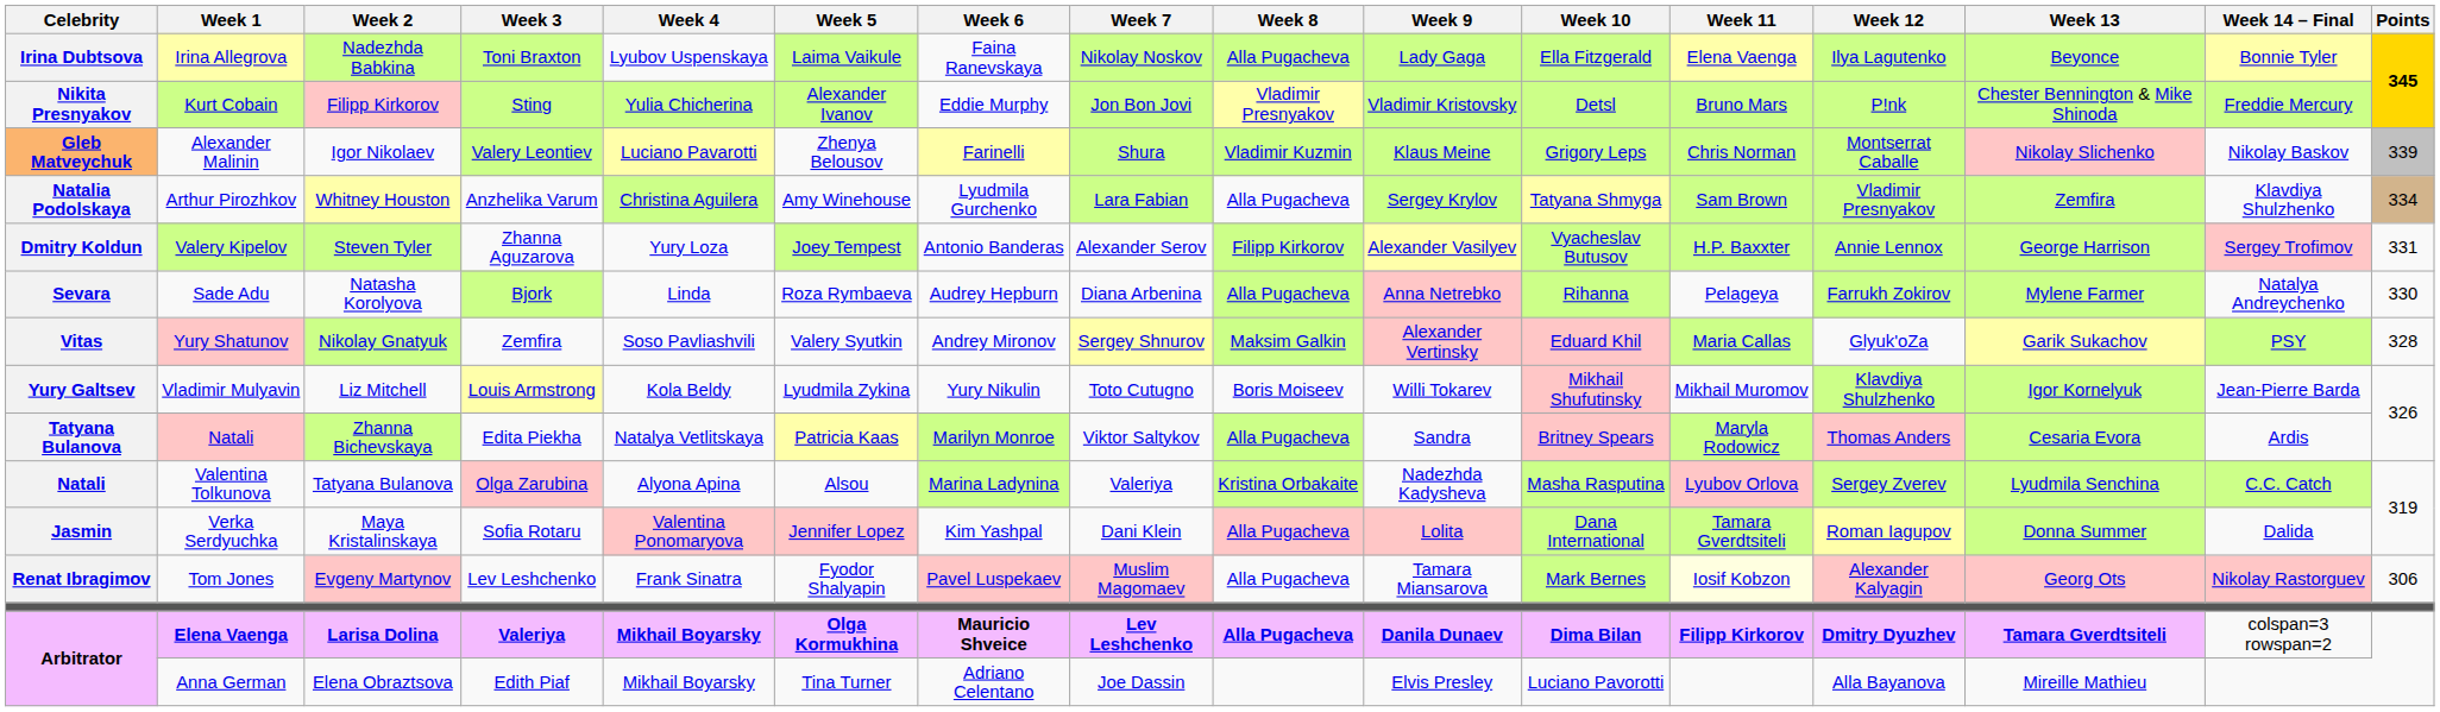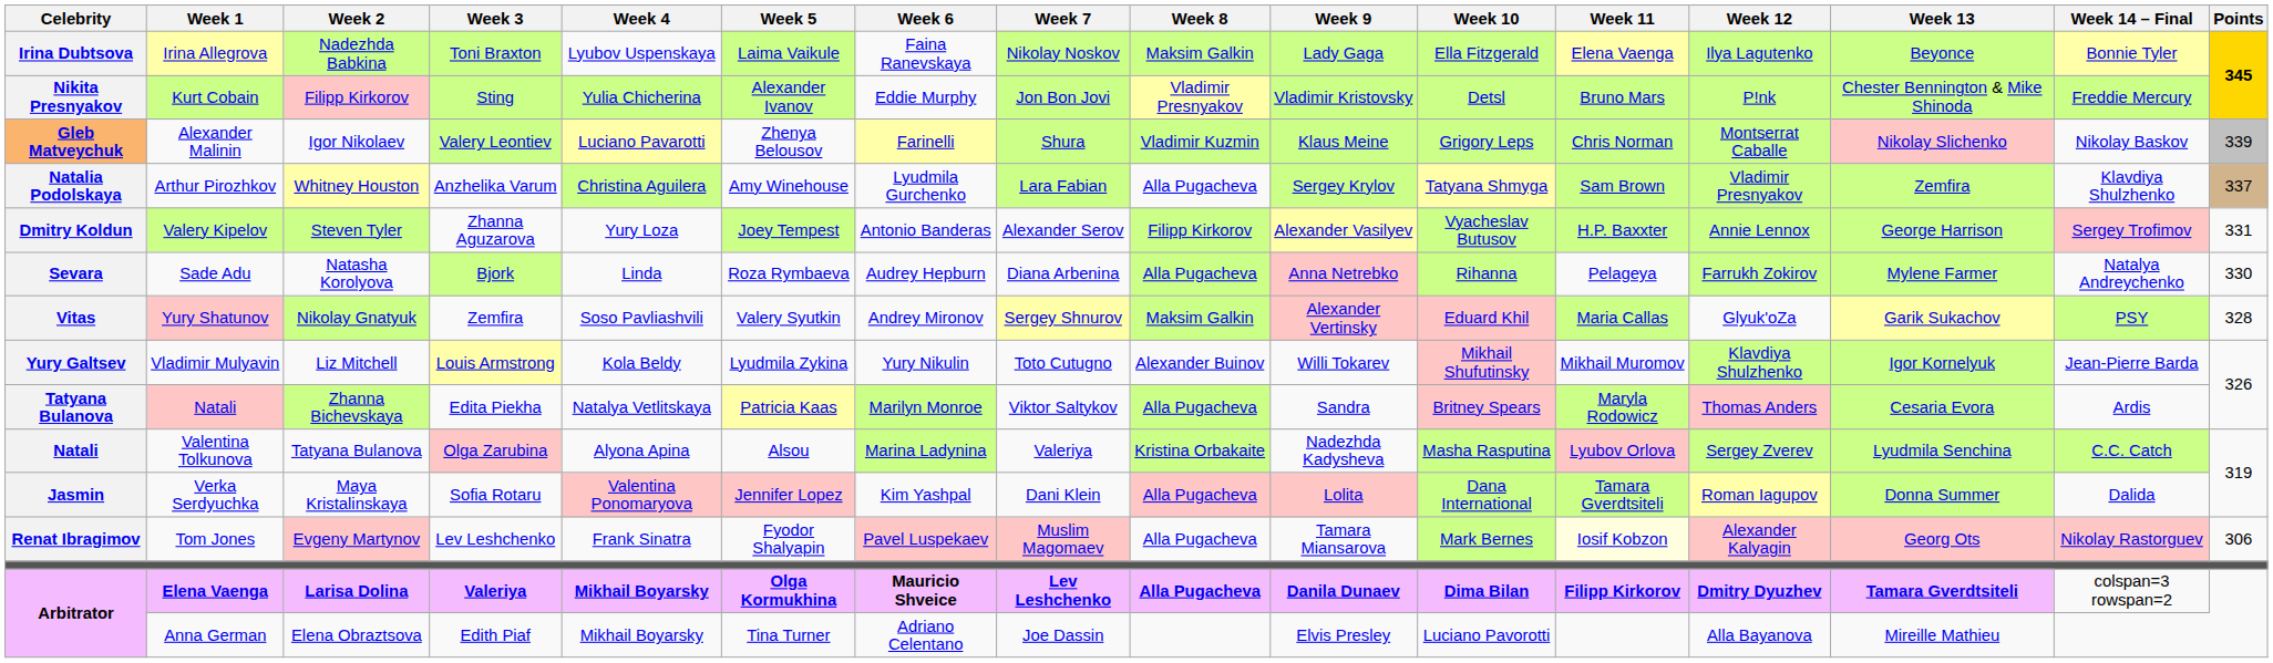 <table class="wikitable" style="text-align:center; font-size:90%; line-height:16px;" width="100%">
 <tr>
 <th>Celebrity</th>
 <th>Week 1</th>
 <th>Week 2</th>
 <th>Week 3</th>
 <th>Week 4</th>
 <th>Week 5</th>
 <th>Week 6</th>
 <th>Week 7</th>
 <th>Week 8</th>
 <th>Week 9</th>
 <th>Week 10</th>
 <th>Week 11</th>
 <th>Week 12</th>
 <th>Week 13</th>
 <th>Week 14 – Final</th>
 <th>Points</th>
 </tr>
 <tr>
 <th><a href='#'>Irina Dubtsova</a></th>
 <td style="background:#ffffaa;"><a href='#'>Irina Allegrova</a></td>
 <td style="background:#ccff88;"><a href='#'>Nadezhda Babkina</a></td>
 <td style="background:#ccff88;"><a href='#'>Toni Braxton</a></td>
 <td><a href='#'>Lyubov Uspenskaya</a></td>
 <td style="background:#ccff88;"><a href='#'>Laima Vaikule</a></td>
 <td><a href='#'>Faina Ranevskaya</a></td>
 <td style="background:#ccff88;"><a href='#'>Nikolay Noskov</a></td>
-<td style="background:#ccff88;"><a href='#'>Alla Pugacheva</a></td>
+<td style="background:#ccff88;"><a href='#'>Maksim Galkin</a></td>
 <td style="background:#ccff88;"><a href='#'>Lady Gaga</a></td>
 <td style="background:#ccff88;"><a href='#'>Ella Fitzgerald</a></td>
 <td style="background:#ffffaa;"><a href='#'>Elena Vaenga</a></td>
 <td style="background:#ccff88;"><a href='#'>Ilya Lagutenko</a></td>
 <td style="background:#ccff88;"><a href='#'>Beyonce</a></td>
 <td style="background:#ffffaa;"><a href='#'>Bonnie Tyler</a></td>
 <td rowspan=2 style="background:gold;"><strong>345</strong></td>
 </tr>
 <tr>
 <th><a href='#'>Nikita Presnyakov</a></th>
 <td style="background:#ccff88;"><a href='#'>Kurt Cobain</a></td>
 <td style="background:#ffc6c6;"><a href='#'>Filipp Kirkorov</a></td>
 <td style="background:#ccff88;"><a href='#'>Sting</a></td>
 <td style="background:#ccff88;"><a href='#'>Yulia Chicherina</a></td>
 <td style="background:#ccff88;"><a href='#'>Alexander Ivanov</a></td>
 <td><a href='#'>Eddie Murphy</a></td>
 <td style="background:#ccff88;"><a href='#'>Jon Bon Jovi</a></td>
 <td style="background:#ffffaa;"><a href='#'>Vladimir Presnyakov</a></td>
 <td style="background:#ccff88;"><a href='#'>Vladimir Kristovsky</a></td>
 <td style="background:#ccff88;"><a href='#'>Detsl</a></td>
 <td style="background:#ccff88;"><a href='#'>Bruno Mars</a></td>
 <td style="background:#ccff88;"><a href='#'>P!nk</a></td>
 <td style="background:#ccff88;"><a href='#'>Chester Bennington</a> & <a href='#'>Mike Shinoda</a></td>
 <td style="background:#ccff88;"><a href='#'>Freddie Mercury</a></td>
 </tr>
 <tr>
 <th style="background:#fbb46e;"><a href='#'>Gleb Matveychuk</a></th>
 <td><a href='#'>Alexander Malinin</a></td>
 <td><a href='#'>Igor Nikolaev</a></td>
 <td style="background:#ccff88;"><a href='#'>Valery Leontiev</a></td>
 <td style="background:#ffffaa;"><a href='#'>Luciano Pavarotti</a></td>
 <td><a href='#'>Zhenya Belousov</a></td>
 <td style="background:#ffffaa;"><a href='#'>Farinelli</a></td>
 <td style="background:#ccff88;"><a href='#'>Shura</a></td>
 <td style="background:#ccff88;"><a href='#'>Vladimir Kuzmin</a></td>
 <td style="background:#ccff88;"><a href='#'>Klaus Meine</a></td>
 <td style="background:#ccff88;"><a href='#'>Grigory Leps</a></td>
 <td style="background:#ccff88;"><a href='#'>Chris Norman</a></td>
 <td style="background:#ccff88;"><a href='#'>Montserrat Caballe</a></td>
 <td style="background:#ffc6c6;"><a href='#'>Nikolay Slichenko</a></td>
 <td><a href='#'>Nikolay Baskov</a></td>
 <td style="background:silver;">339</td>
 </tr>
 <tr>
 <th><a href='#'>Natalia Podolskaya</a></th>
 <td><a href='#'>Arthur Pirozhkov</a></td>
 <td style="background:#ffffaa;"><a href='#'>Whitney Houston</a></td>
 <td><a href='#'>Anzhelika Varum</a></td>
 <td style="background:#ccff88;"><a href='#'>Christina Aguilera</a></td>
 <td><a href='#'>Amy Winehouse</a></td>
 <td><a href='#'>Lyudmila Gurchenko</a></td>
 <td style="background:#ccff88;"><a href='#'>Lara Fabian</a></td>
 <td><a href='#'>Alla Pugacheva</a></td>
 <td style="background:#ccff88;"><a href='#'>Sergey Krylov</a></td>
 <td style="background:#ffffaa;"><a href='#'>Tatyana Shmyga</a></td>
 <td style="background:#ccff88;"><a href='#'>Sam Brown</a></td>
 <td style="background:#ccff88;"><a href='#'>Vladimir Presnyakov</a></td>
 <td style="background:#ccff88;"><a href='#'>Zemfira</a></td>
 <td><a href='#'>Klavdiya Shulzhenko</a></td>
-<td style="background:tan;">334</td>
+<td style="background:tan;">337</td>
 </tr>
 <tr>
 <th><a href='#'>Dmitry Koldun</a></th>
 <td style="background:#ccff88;"><a href='#'>Valery Kipelov</a></td>
 <td style="background:#ccff88;"><a href='#'>Steven Tyler</a></td>
 <td><a href='#'>Zhanna Aguzarova</a></td>
 <td><a href='#'>Yury Loza</a></td>
 <td style="background:#ccff88;"><a href='#'>Joey Tempest</a></td>
 <td><a href='#'>Antonio Banderas</a></td>
 <td><a href='#'>Alexander Serov</a></td>
 <td style="background:#ccff88;"><a href='#'>Filipp Kirkorov</a></td>
 <td style="background:#ffffaa;"><a href='#'>Alexander Vasilyev</a></td>
 <td style="background:#ccff88;"><a href='#'>Vyacheslav Butusov</a></td>
 <td style="background:#ccff88;"><a href='#'>H.P. Baxxter</a></td>
 <td style="background:#ccff88;"><a href='#'>Annie Lennox</a></td>
 <td style="background:#ccff88;"><a href='#'>George Harrison</a></td>
 <td style="background:#ffc6c6;"><a href='#'>Sergey Trofimov</a></td>
 <td>331</td>
 </tr>
 <tr>
 <th><a href='#'>Sevara</a></th>
 <td><a href='#'>Sade Adu</a></td>
 <td><a href='#'>Natasha Korolyova</a></td>
 <td style="background:#ccff88;"><a href='#'>Bjork</a></td>
 <td><a href='#'>Linda</a></td>
 <td><a href='#'>Roza Rymbaeva</a></td>
 <td><a href='#'>Audrey Hepburn</a></td>
 <td><a href='#'>Diana Arbenina</a></td>
 <td style="background:#ccff88;"><a href='#'>Alla Pugacheva</a></td>
 <td style="background:#ffc6c6;"><a href='#'>Anna Netrebko</a></td>
 <td style="background:#ccff88;"><a href='#'>Rihanna</a></td>
 <td><a href='#'>Pelageya</a></td>
 <td style="background:#ccff88;"><a href='#'>Farrukh Zokirov</a></td>
 <td style="background:#ccff88;"><a href='#'>Mylene Farmer</a></td>
 <td><a href='#'>Natalya Andreychenko</a></td>
 <td>330</td>
 </tr>
 <tr>
 <th><a href='#'>Vitas</a></th>
 <td style="background:#ffc6c6;"><a href='#'>Yury Shatunov</a></td>
 <td style="background:#ccff88;"><a href='#'>Nikolay Gnatyuk</a></td>
 <td><a href='#'>Zemfira</a></td>
 <td><a href='#'>Soso Pavliashvili</a></td>
 <td><a href='#'>Valery Syutkin</a></td>
 <td><a href='#'>Andrey Mironov</a></td>
 <td style="background:#ffffaa;"><a href='#'>Sergey Shnurov</a></td>
 <td style="background:#ccff88;"><a href='#'>Maksim Galkin</a></td>
 <td style="background:#ffc6c6;"><a href='#'>Alexander Vertinsky</a></td>
 <td style="background:#ffc6c6;"><a href='#'>Eduard Khil</a></td>
 <td style="background:#ccff88;"><a href='#'>Maria Callas</a></td>
 <td><a href='#'>Glyuk'oZa</a></td>
 <td style="background:#ffffaa;"><a href='#'>Garik Sukachov</a></td>
 <td style="background:#ccff88;"><a href='#'>PSY</a></td>
 <td>328</td>
 </tr>
 <tr>
 <th><a href='#'>Yury Galtsev</a></th>
 <td><a href='#'>Vladimir Mulyavin</a></td>
 <td><a href='#'>Liz Mitchell</a></td>
 <td style="background:#ffffaa;"><a href='#'>Louis Armstrong</a></td>
 <td><a href='#'>Kola Beldy</a></td>
 <td><a href='#'>Lyudmila Zykina</a></td>
 <td><a href='#'>Yury Nikulin</a></td>
 <td><a href='#'>Toto Cutugno</a></td>
-<td><a href='#'>Boris Moiseev</a></td>
+<td><a href='#'>Alexander Buinov</a></td>
 <td><a href='#'>Willi Tokarev</a></td>
 <td style="background:#ffc6c6;"><a href='#'>Mikhail Shufutinsky</a></td>
 <td><a href='#'>Mikhail Muromov</a></td>
 <td style="background:#ccff88;"><a href='#'>Klavdiya Shulzhenko</a></td>
 <td style="background:#ccff88;"><a href='#'>Igor Kornelyuk</a></td>
 <td><a href='#'>Jean-Pierre Barda</a></td>
 <td rowspan=2>326</td>
 </tr>
 <tr>
 <th><a href='#'>Tatyana Bulanova</a></th>
 <td style="background:#ffc6c6;"><a href='#'>Natali</a></td>
 <td style="background:#ccff88;"><a href='#'>Zhanna Bichevskaya</a></td>
 <td><a href='#'>Edita Piekha</a></td>
 <td><a href='#'>Natalya Vetlitskaya</a></td>
 <td style="background:#ffffaa;"><a href='#'>Patricia Kaas</a></td>
 <td style="background:#ccff88;"><a href='#'>Marilyn Monroe</a></td>
 <td><a href='#'>Viktor Saltykov</a></td>
 <td style="background:#ccff88;"><a href='#'>Alla Pugacheva</a></td>
 <td><a href='#'>Sandra</a></td>
 <td style="background:#ffc6c6;"><a href='#'>Britney Spears</a></td>
 <td style="background:#ccff88;"><a href='#'>Maryla Rodowicz</a></td>
 <td style="background:#ffc6c6;"><a href='#'>Thomas Anders</a></td>
 <td style="background:#ccff88;"><a href='#'>Cesaria Evora</a></td>
 <td><a href='#'>Ardis</a></td>
 </tr>
 <tr>
 <th><a href='#'>Natali</a></th>
 <td><a href='#'>Valentina Tolkunova</a></td>
 <td><a href='#'>Tatyana Bulanova</a></td>
 <td style="background:#ffc6c6;"><a href='#'>Olga Zarubina</a></td>
 <td><a href='#'>Alyona Apina</a></td>
 <td><a href='#'>Alsou</a></td>
 <td style="background:#ccff88;"><a href='#'>Marina Ladynina</a></td>
 <td><a href='#'>Valeriya</a></td>
 <td style="background:#ccff88;"><a href='#'>Kristina Orbakaite</a></td>
 <td><a href='#'>Nadezhda Kadysheva</a></td>
 <td style="background:#ccff88;"><a href='#'>Masha Rasputina</a></td>
 <td style="background:#ffc6c6;"><a href='#'>Lyubov Orlova</a></td>
 <td style="background:#ccff88;"><a href='#'>Sergey Zverev</a></td>
 <td style="background:#ccff88;"><a href='#'>Lyudmila Senchina</a></td>
 <td style="background:#ccff88;"><a href='#'>C.C. Catch</a></td>
 <td rowspan=2>319</td>
 </tr>
 <tr>
 <th><a href='#'>Jasmin</a></th>
 <td><a href='#'>Verka Serdyuchka</a></td>
 <td><a href='#'>Maya Kristalinskaya</a></td>
 <td><a href='#'>Sofia Rotaru</a></td>
 <td style="background:#ffc6c6;"><a href='#'>Valentina Ponomaryova</a></td>
 <td style="background:#ffc6c6;"><a href='#'>Jennifer Lopez</a></td>
 <td><a href='#'>Kim Yashpal</a></td>
 <td><a href='#'>Dani Klein</a></td>
 <td style="background:#ffc6c6;"><a href='#'>Alla Pugacheva</a></td>
 <td style="background:#ffc6c6;"><a href='#'>Lolita</a></td>
 <td style="background:#ccff88;"><a href='#'>Dana International</a></td>
 <td style="background:#ccff88;"><a href='#'>Tamara Gverdtsiteli</a></td>
 <td style="background:#ffffaa;"><a href='#'>Roman Iagupov</a></td>
 <td style="background:#ccff88;"><a href='#'>Donna Summer</a></td>
 <td><a href='#'>Dalida</a></td>
 </tr>
 <tr>
 <th><a href='#'>Renat Ibragimov</a></th>
 <td><a href='#'>Tom Jones</a></td>
 <td style="background:#ffc6c6;"><a href='#'>Evgeny Martynov</a></td>
 <td><a href='#'>Lev Leshchenko</a></td>
 <td><a href='#'>Frank Sinatra</a></td>
 <td><a href='#'>Fyodor Shalyapin</a></td>
 <td style="background:#ffc6c6;"><a href='#'>Pavel Luspekaev</a></td>
 <td style="background:#ffc6c6;"><a href='#'>Muslim Magomaev</a></td>
 <td><a href='#'>Alla Pugacheva</a></td>
 <td><a href='#'>Tamara Miansarova</a></td>
 <td style="background:#ccff88;"><a href='#'>Mark Bernes</a></td>
 <td style="background: lightyellow;"><a href='#'>Iosif Kobzon</a></td>
 <td style="background:#ffc6c6;"><a href='#'>Alexander Kalyagin</a></td>
 <td style="background:#ffc6c6;"><a href='#'>Georg Ots</a></td>
 <td style="background:#ffc6c6;"><a href='#'>Nikolay Rastorguev</a></td>
 <td>306</td>
 </tr>
 <tr>
 <td colspan=17 style="background:#555555;"></td>
 </tr>
 <tr>
 <th rowspan=2 style="background:#f4bbff">Arbitrator</th>
 <th style="background:#f4bbff"><a href='#'>Elena Vaenga</a></th>
 <th style="background:#f4bbff"><a href='#'>Larisa Dolina</a></th>
 <th style="background:#f4bbff"><a href='#'>Valeriya</a></th>
 <th style="background:#f4bbff"><a href='#'>Mikhail Boyarsky</a></th>
 <th style="background:#f4bbff"><a href='#'>Olga Kormukhina</a></th>
 <th style="background:#f4bbff">Mauricio Shveice</th>
 <th style="background:#f4bbff"><a href='#'>Lev Leshchenko</a></th>
 <th style="background:#f4bbff"><a href='#'>Alla Pugacheva</a></th>
 <th style="background:#f4bbff"><a href='#'>Danila Dunaev</a></th>
 <th style="background:#f4bbff"><a href='#'>Dima Bilan</a></th>
 <th style="background:#f4bbff"><a href='#'>Filipp Kirkorov</a></th>
 <th style="background:#f4bbff"><a href='#'>Dmitry Dyuzhev</a></th>
 <th style="background:#f4bbff"><a href='#'>Tamara Gverdtsiteli</a></th>
 <td>colspan=3 rowspan=2 </td>
 </tr>
 <tr>
 <td><a href='#'>Anna German</a></td>
 <td><a href='#'>Elena Obraztsova</a></td>
 <td><a href='#'>Edith Piaf</a></td>
 <td><a href='#'>Mikhail Boyarsky</a></td>
 <td><a href='#'>Tina Turner</a></td>
 <td><a href='#'>Adriano Celentano</a></td>
 <td><a href='#'>Joe Dassin</a></td>
 <td></td>
 <td><a href='#'>Elvis Presley</a></td>
 <td><a href='#'>Luciano Pavorotti</a></td>
 <td></td>
 <td><a href='#'>Alla Bayanova</a></td>
 <td><a href='#'>Mireille Mathieu</a></td>
 </tr>
 </table>
